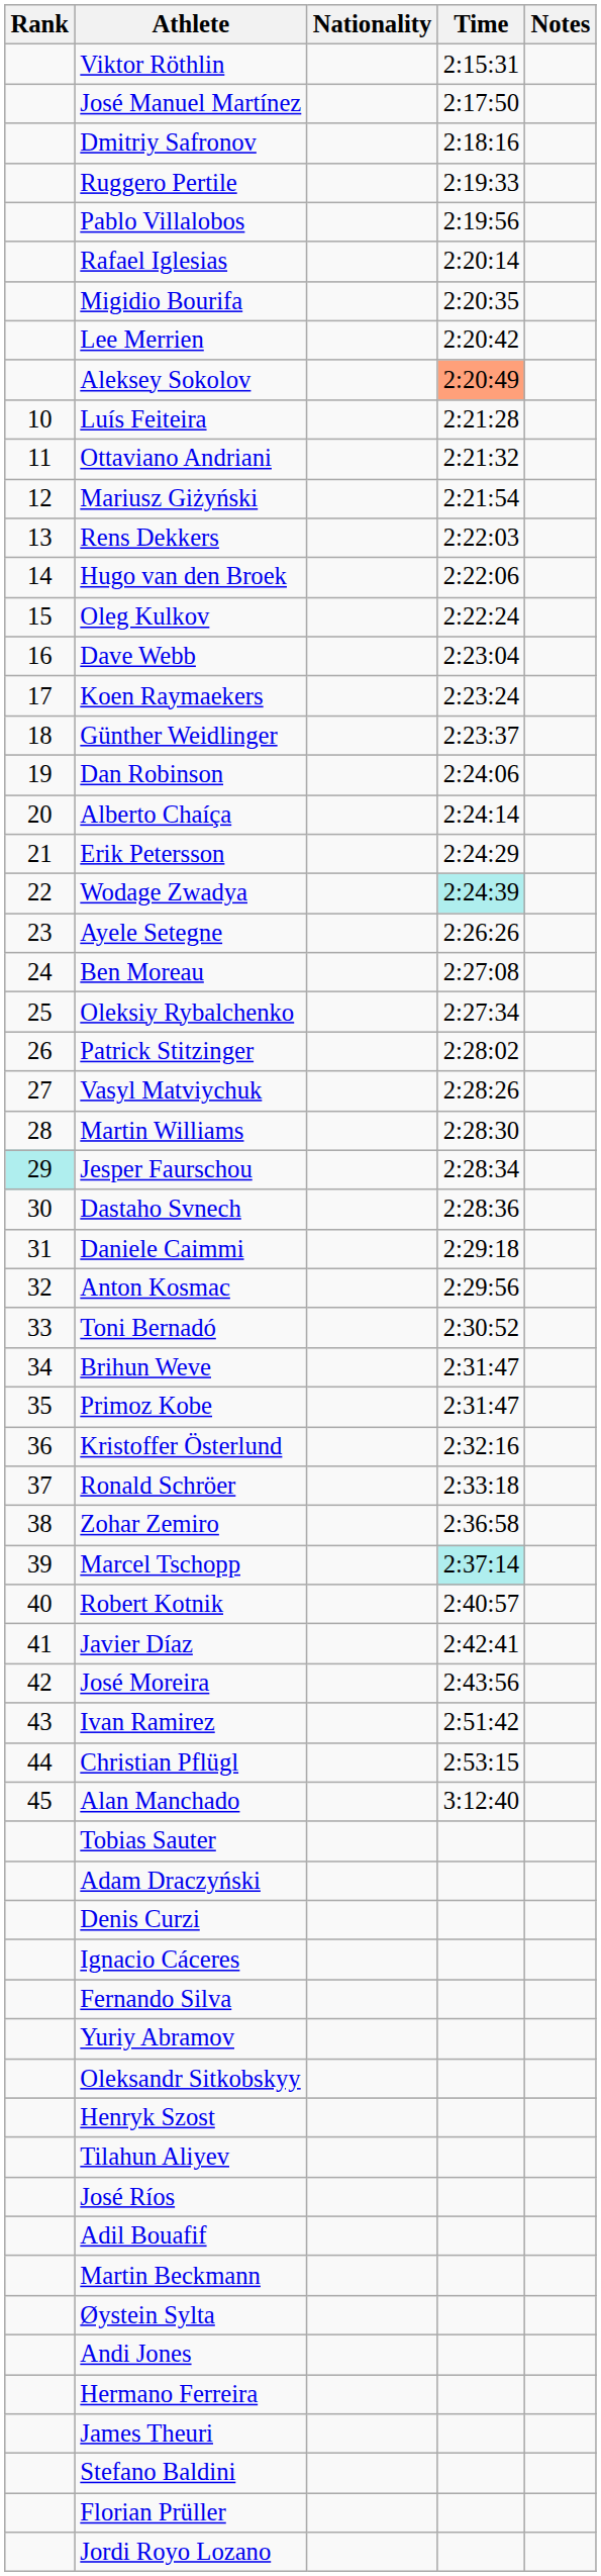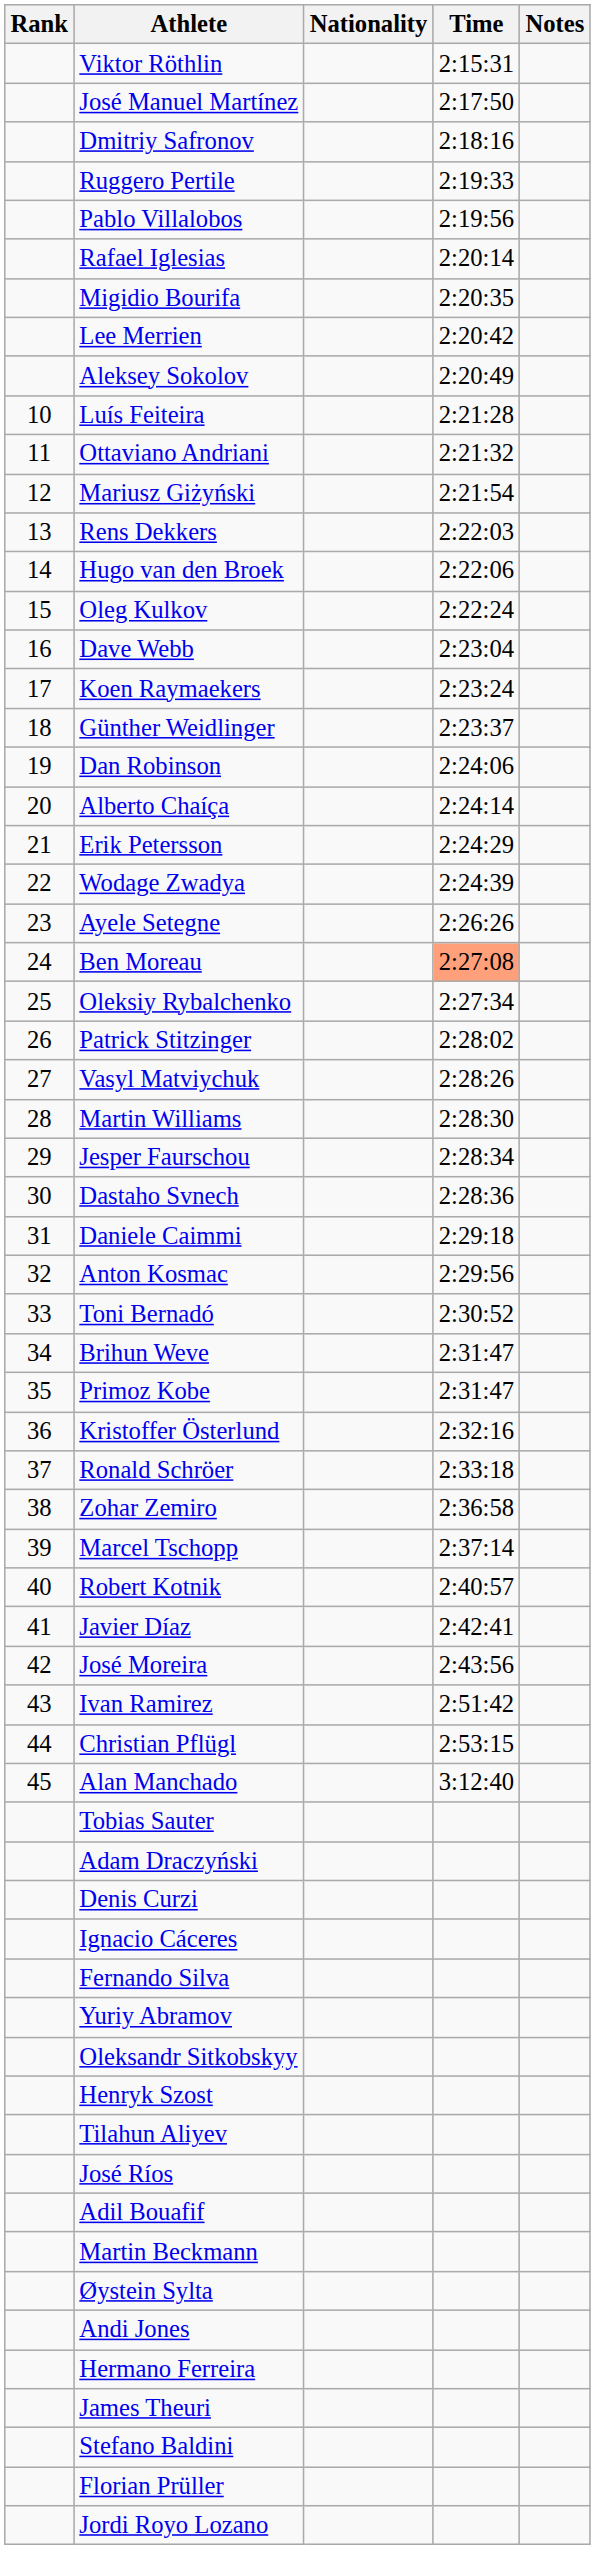 <table class="wikitable sortable" style="text-align:center">
 <tr>
 <th>Rank</th>
 <th>Athlete</th>
 <th>Nationality</th>
 <th>Time</th>
 <th>Notes</th>
 </tr>
 <tr>
 <td></td>
 <td align="left"><a href='#'>Viktor Röthlin</a></td>
 <td align=left></td>
 <td>2:15:31</td>
 <td></td>
 </tr>
 <tr>
 <td></td>
 <td align="left"><a href='#'>José Manuel Martínez</a></td>
 <td align=left></td>
 <td>2:17:50</td>
 <td></td>
 </tr>
 <tr>
 <td></td>
 <td align="left"><a href='#'>Dmitriy Safronov</a></td>
 <td align=left></td>
 <td>2:18:16</td>
 <td></td>
 </tr>
 <tr>
 <td></td>
 <td align="left"><a href='#'>Ruggero Pertile</a></td>
 <td align=left></td>
 <td>2:19:33</td>
 <td></td>
 </tr>
 <tr>
 <td></td>
 <td align="left"><a href='#'>Pablo Villalobos</a></td>
 <td align=left></td>
 <td>2:19:56</td>
 <td></td>
 </tr>
 <tr>
 <td></td>
 <td align="left"><a href='#'>Rafael Iglesias</a></td>
 <td align=left></td>
 <td>2:20:14</td>
 <td></td>
 </tr>
 <tr>
 <td></td>
 <td align="left"><a href='#'>Migidio Bourifa</a></td>
 <td align=left></td>
 <td>2:20:35</td>
 <td></td>
 </tr>
 <tr>
 <td></td>
 <td align="left"><a href='#'>Lee Merrien</a></td>
 <td align=left></td>
 <td>2:20:42</td>
 <td></td>
 </tr>
 <tr>
 <td></td>
 <td align="left"><a href='#'>Aleksey Sokolov</a></td>
 <td align=left></td>
-<td style="background: lightsalmon;">2:20:49</td>
+<td>2:20:49</td>
 <td></td>
 </tr>
 <tr>
 <td>10</td>
 <td align="left"><a href='#'>Luís Feiteira</a></td>
 <td align=left></td>
 <td>2:21:28</td>
 <td></td>
 </tr>
 <tr>
 <td>11</td>
 <td align="left"><a href='#'>Ottaviano Andriani</a></td>
 <td align=left></td>
 <td>2:21:32</td>
 <td></td>
 </tr>
 <tr>
 <td>12</td>
 <td align="left"><a href='#'>Mariusz Giżyński</a></td>
 <td align=left></td>
 <td>2:21:54</td>
 <td></td>
 </tr>
 <tr>
 <td>13</td>
 <td align="left"><a href='#'>Rens Dekkers</a></td>
 <td align=left></td>
 <td>2:22:03</td>
 <td></td>
 </tr>
 <tr>
 <td>14</td>
 <td align="left"><a href='#'>Hugo van den Broek</a></td>
 <td align=left></td>
 <td>2:22:06</td>
 <td></td>
 </tr>
 <tr>
 <td>15</td>
 <td align="left"><a href='#'>Oleg Kulkov</a></td>
 <td align=left></td>
 <td>2:22:24</td>
 <td></td>
 </tr>
 <tr>
 <td>16</td>
 <td align="left"><a href='#'>Dave Webb</a></td>
 <td align=left></td>
 <td>2:23:04</td>
 <td></td>
 </tr>
 <tr>
 <td>17</td>
 <td align="left"><a href='#'>Koen Raymaekers</a></td>
 <td align=left></td>
 <td>2:23:24</td>
 <td></td>
 </tr>
 <tr>
 <td>18</td>
 <td align="left"><a href='#'>Günther Weidlinger</a></td>
 <td align=left></td>
 <td>2:23:37</td>
 <td></td>
 </tr>
 <tr>
 <td>19</td>
 <td align="left"><a href='#'>Dan Robinson</a></td>
 <td align=left></td>
 <td>2:24:06</td>
 <td></td>
 </tr>
 <tr>
 <td>20</td>
 <td align="left"><a href='#'>Alberto Chaíça</a></td>
 <td align=left></td>
 <td>2:24:14</td>
 <td></td>
 </tr>
 <tr>
 <td>21</td>
 <td align="left"><a href='#'>Erik Petersson</a></td>
 <td align=left></td>
 <td>2:24:29</td>
 <td></td>
 </tr>
 <tr>
 <td>22</td>
 <td align="left"><a href='#'>Wodage Zwadya</a></td>
 <td align=left></td>
-<td style="background: paleturquoise;">2:24:39</td>
+<td>2:24:39</td>
 <td></td>
 </tr>
 <tr>
 <td>23</td>
 <td align="left"><a href='#'>Ayele Setegne</a></td>
 <td align=left></td>
 <td>2:26:26</td>
 <td></td>
 </tr>
 <tr>
 <td>24</td>
 <td align="left"><a href='#'>Ben Moreau</a></td>
 <td align=left></td>
-<td>2:27:08</td>
+<td style="background: lightsalmon;">2:27:08</td>
 <td></td>
 </tr>
 <tr>
 <td>25</td>
 <td align="left"><a href='#'>Oleksiy Rybalchenko</a></td>
 <td align=left></td>
 <td>2:27:34</td>
 <td></td>
 </tr>
 <tr>
 <td>26</td>
 <td align="left"><a href='#'>Patrick Stitzinger</a></td>
 <td align=left></td>
 <td>2:28:02</td>
 <td></td>
 </tr>
 <tr>
 <td>27</td>
 <td align="left"><a href='#'>Vasyl Matviychuk</a></td>
 <td align=left></td>
 <td>2:28:26</td>
 <td></td>
 </tr>
 <tr>
 <td>28</td>
 <td align="left"><a href='#'>Martin Williams</a></td>
 <td align=left></td>
 <td>2:28:30</td>
 <td></td>
 </tr>
 <tr>
-<td style="background: paleturquoise;">29</td>
+<td>29</td>
 <td align="left"><a href='#'>Jesper Faurschou</a></td>
 <td align=left></td>
 <td>2:28:34</td>
 <td></td>
 </tr>
 <tr>
 <td>30</td>
 <td align="left"><a href='#'>Dastaho Svnech</a></td>
 <td align=left></td>
 <td>2:28:36</td>
 <td></td>
 </tr>
 <tr>
 <td>31</td>
 <td align="left"><a href='#'>Daniele Caimmi</a></td>
 <td align=left></td>
 <td>2:29:18</td>
 <td></td>
 </tr>
 <tr>
 <td>32</td>
 <td align="left"><a href='#'>Anton Kosmac</a></td>
 <td align=left></td>
 <td>2:29:56</td>
 <td></td>
 </tr>
 <tr>
 <td>33</td>
 <td align="left"><a href='#'>Toni Bernadó</a></td>
 <td align=left></td>
 <td>2:30:52</td>
 <td></td>
 </tr>
 <tr>
 <td>34</td>
 <td align="left"><a href='#'>Brihun Weve</a></td>
 <td align=left></td>
 <td>2:31:47</td>
 <td></td>
 </tr>
 <tr>
 <td>35</td>
 <td align="left"><a href='#'>Primoz Kobe</a></td>
 <td align=left></td>
 <td>2:31:47</td>
 <td></td>
 </tr>
 <tr>
 <td>36</td>
 <td align="left"><a href='#'>Kristoffer Österlund</a></td>
 <td align=left></td>
 <td>2:32:16</td>
 <td></td>
 </tr>
 <tr>
 <td>37</td>
 <td align="left"><a href='#'>Ronald Schröer</a></td>
 <td align=left></td>
 <td>2:33:18</td>
 <td></td>
 </tr>
 <tr>
 <td>38</td>
 <td align="left"><a href='#'>Zohar Zemiro</a></td>
 <td align=left></td>
 <td>2:36:58</td>
 <td></td>
 </tr>
 <tr>
 <td>39</td>
 <td align="left"><a href='#'>Marcel Tschopp</a></td>
 <td align=left></td>
-<td style="background: paleturquoise;">2:37:14</td>
+<td>2:37:14</td>
 <td></td>
 </tr>
 <tr>
 <td>40</td>
 <td align="left"><a href='#'>Robert Kotnik</a></td>
 <td align=left></td>
 <td>2:40:57</td>
 <td></td>
 </tr>
 <tr>
 <td>41</td>
 <td align="left"><a href='#'>Javier Díaz</a></td>
 <td align=left></td>
 <td>2:42:41</td>
 <td></td>
 </tr>
 <tr>
 <td>42</td>
 <td align="left"><a href='#'>José Moreira</a></td>
 <td align=left></td>
 <td>2:43:56</td>
 <td></td>
 </tr>
 <tr>
 <td>43</td>
 <td align="left"><a href='#'>Ivan Ramirez</a></td>
 <td align=left></td>
 <td>2:51:42</td>
 <td></td>
 </tr>
 <tr>
 <td>44</td>
 <td align="left"><a href='#'>Christian Pflügl</a></td>
 <td align=left></td>
 <td>2:53:15</td>
 <td></td>
 </tr>
 <tr>
 <td>45</td>
 <td align="left"><a href='#'>Alan Manchado</a></td>
 <td align=left></td>
 <td>3:12:40</td>
 <td></td>
 </tr>
 <tr>
 <td></td>
 <td align="left"><a href='#'>Tobias Sauter</a></td>
 <td align=left></td>
 <td></td>
 <td></td>
 </tr>
 <tr>
 <td></td>
 <td align="left"><a href='#'>Adam Draczyński</a></td>
 <td align=left></td>
 <td></td>
 <td></td>
 </tr>
 <tr>
 <td></td>
 <td align="left"><a href='#'>Denis Curzi</a></td>
 <td align=left></td>
 <td></td>
 <td></td>
 </tr>
 <tr>
 <td></td>
 <td align="left"><a href='#'>Ignacio Cáceres</a></td>
 <td align=left></td>
 <td></td>
 <td></td>
 </tr>
 <tr>
 <td></td>
 <td align="left"><a href='#'>Fernando Silva</a></td>
 <td align=left></td>
 <td></td>
 <td></td>
 </tr>
 <tr>
 <td></td>
 <td align="left"><a href='#'>Yuriy Abramov</a></td>
 <td align=left></td>
 <td></td>
 <td></td>
 </tr>
 <tr>
 <td></td>
 <td align="left"><a href='#'>Oleksandr Sitkobskyy</a></td>
 <td align=left></td>
 <td></td>
 <td></td>
 </tr>
 <tr>
 <td></td>
 <td align="left"><a href='#'>Henryk Szost</a></td>
 <td align=left></td>
 <td></td>
 <td></td>
 </tr>
 <tr>
 <td></td>
 <td align="left"><a href='#'>Tilahun Aliyev</a></td>
 <td align=left></td>
 <td></td>
 <td></td>
 </tr>
 <tr>
 <td></td>
 <td align="left"><a href='#'>José Ríos</a></td>
 <td align=left></td>
 <td></td>
 <td></td>
 </tr>
 <tr>
 <td></td>
 <td align="left"><a href='#'>Adil Bouafif</a></td>
 <td align=left></td>
 <td></td>
 <td></td>
 </tr>
 <tr>
 <td></td>
 <td align="left"><a href='#'>Martin Beckmann</a></td>
 <td align=left></td>
 <td></td>
 <td></td>
 </tr>
 <tr>
 <td></td>
 <td align="left"><a href='#'>Øystein Sylta</a></td>
 <td align=left></td>
 <td></td>
 <td></td>
 </tr>
 <tr>
 <td></td>
 <td align="left"><a href='#'>Andi Jones</a></td>
 <td align=left></td>
 <td></td>
 <td></td>
 </tr>
 <tr>
 <td></td>
 <td align="left"><a href='#'>Hermano Ferreira</a></td>
 <td align=left></td>
 <td></td>
 <td></td>
 </tr>
 <tr>
 <td></td>
 <td align="left"><a href='#'>James Theuri</a></td>
 <td align=left></td>
 <td></td>
 <td></td>
 </tr>
 <tr>
 <td></td>
 <td align="left"><a href='#'>Stefano Baldini</a></td>
 <td align=left></td>
 <td></td>
 <td></td>
 </tr>
 <tr>
 <td></td>
 <td align="left"><a href='#'>Florian Prüller</a></td>
 <td align=left></td>
 <td></td>
 <td></td>
 </tr>
 <tr>
 <td></td>
 <td align="left"><a href='#'>Jordi Royo Lozano</a></td>
 <td align=left></td>
 <td></td>
 <td></td>
 </tr>
 </table>
